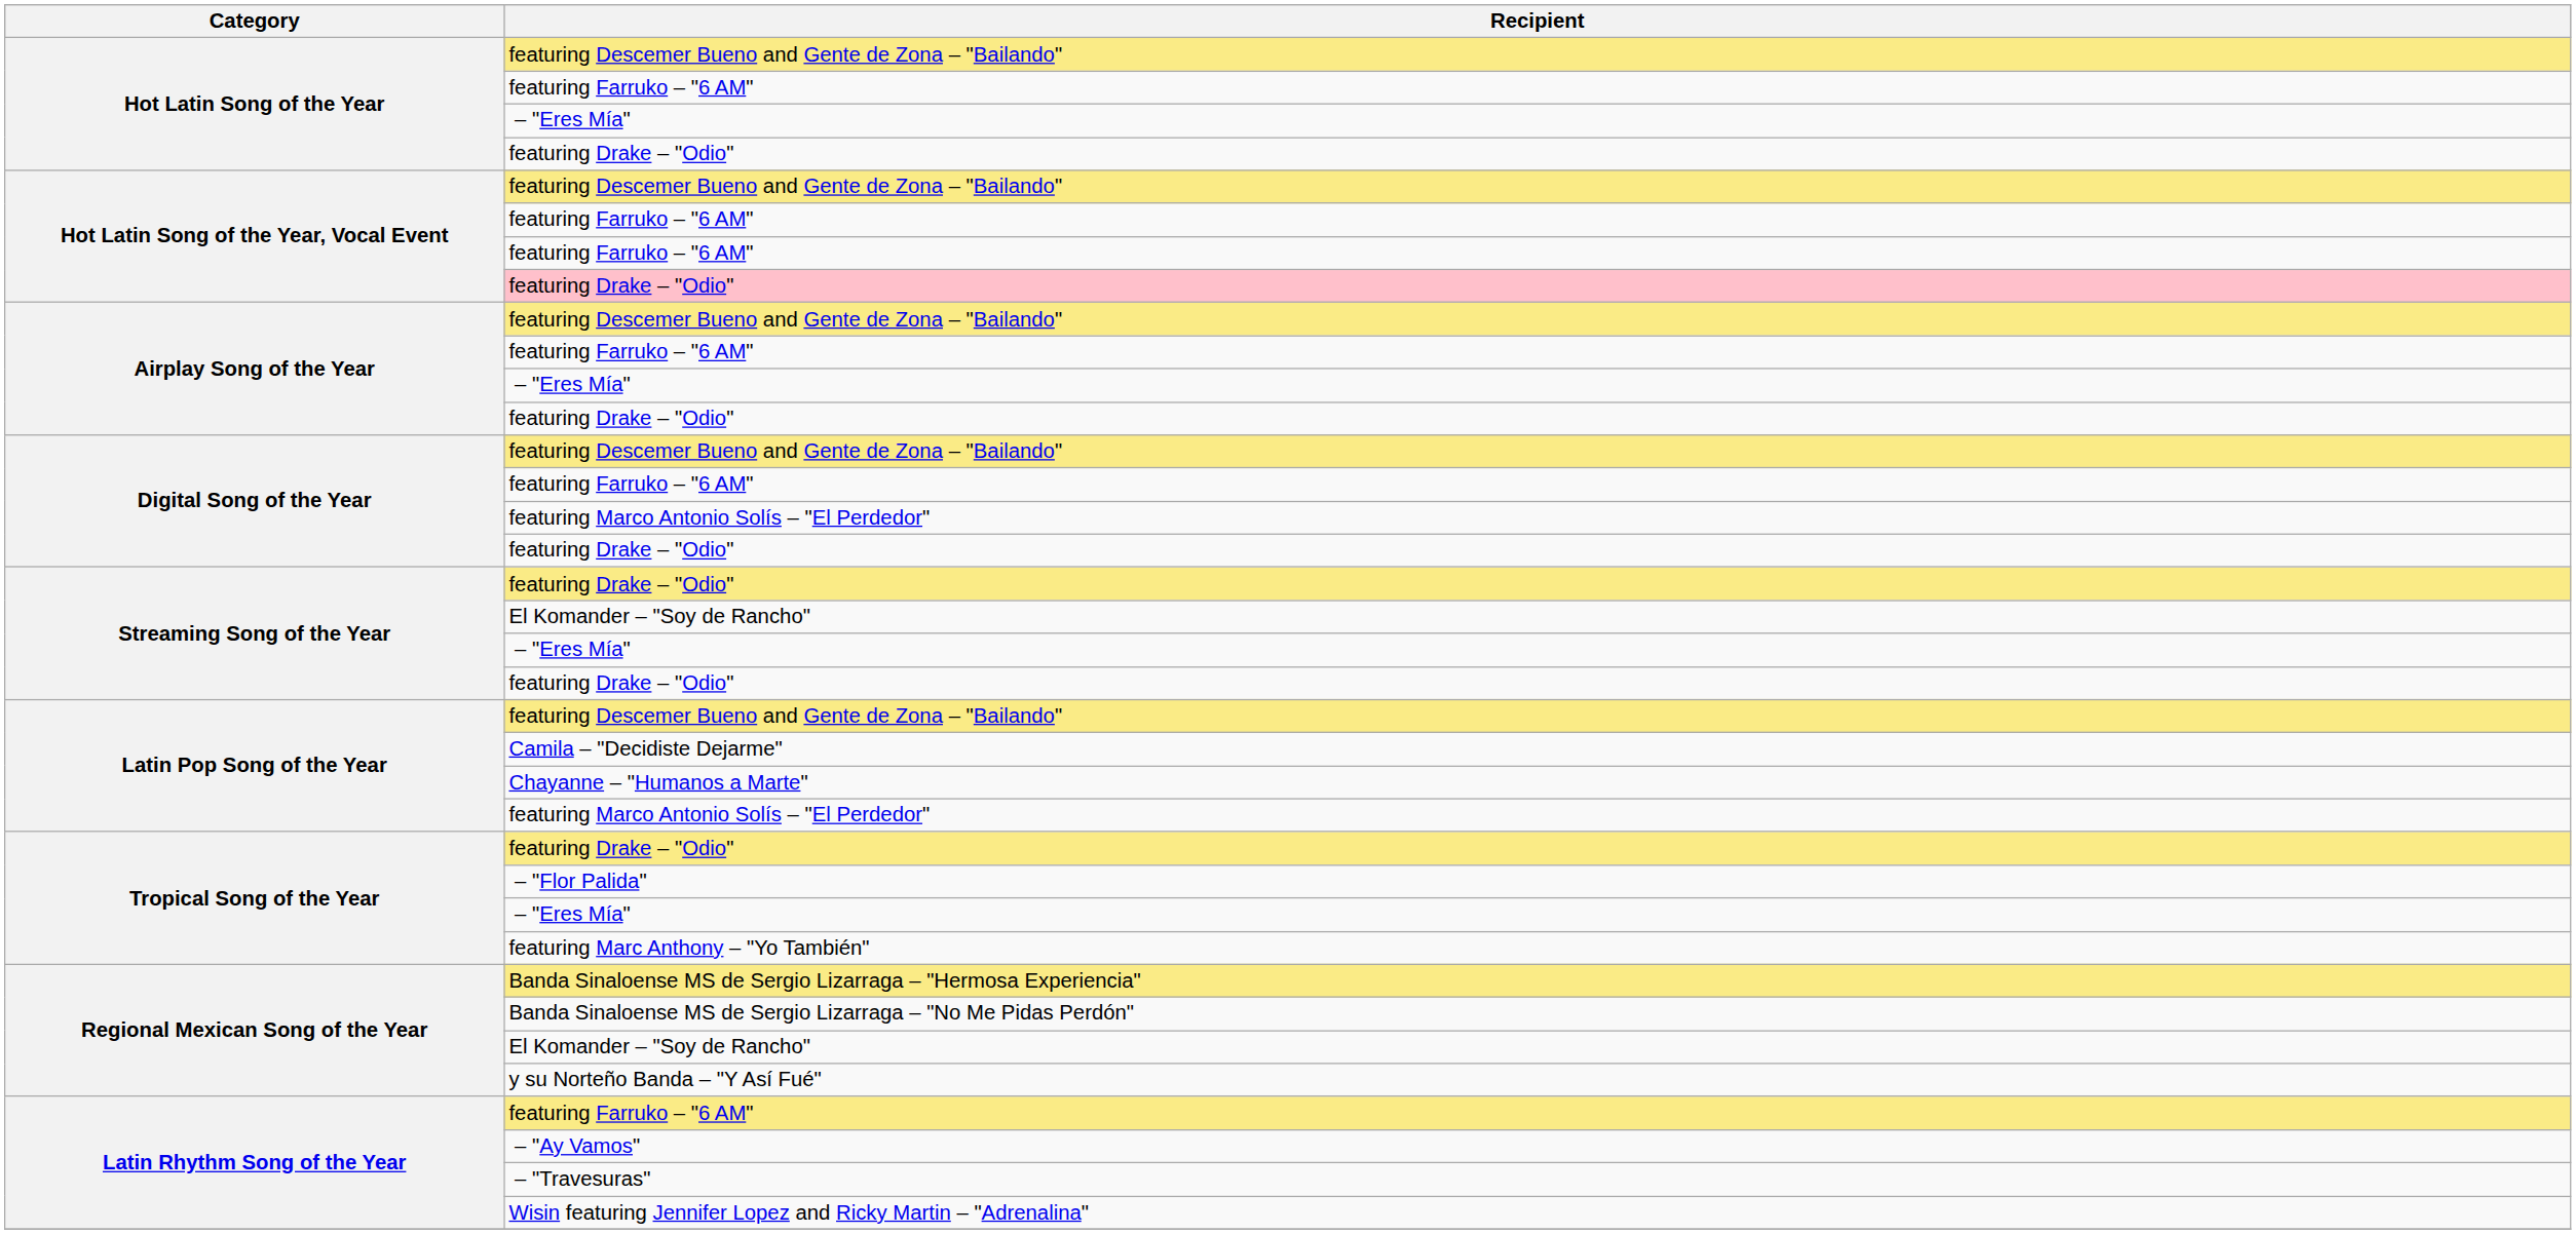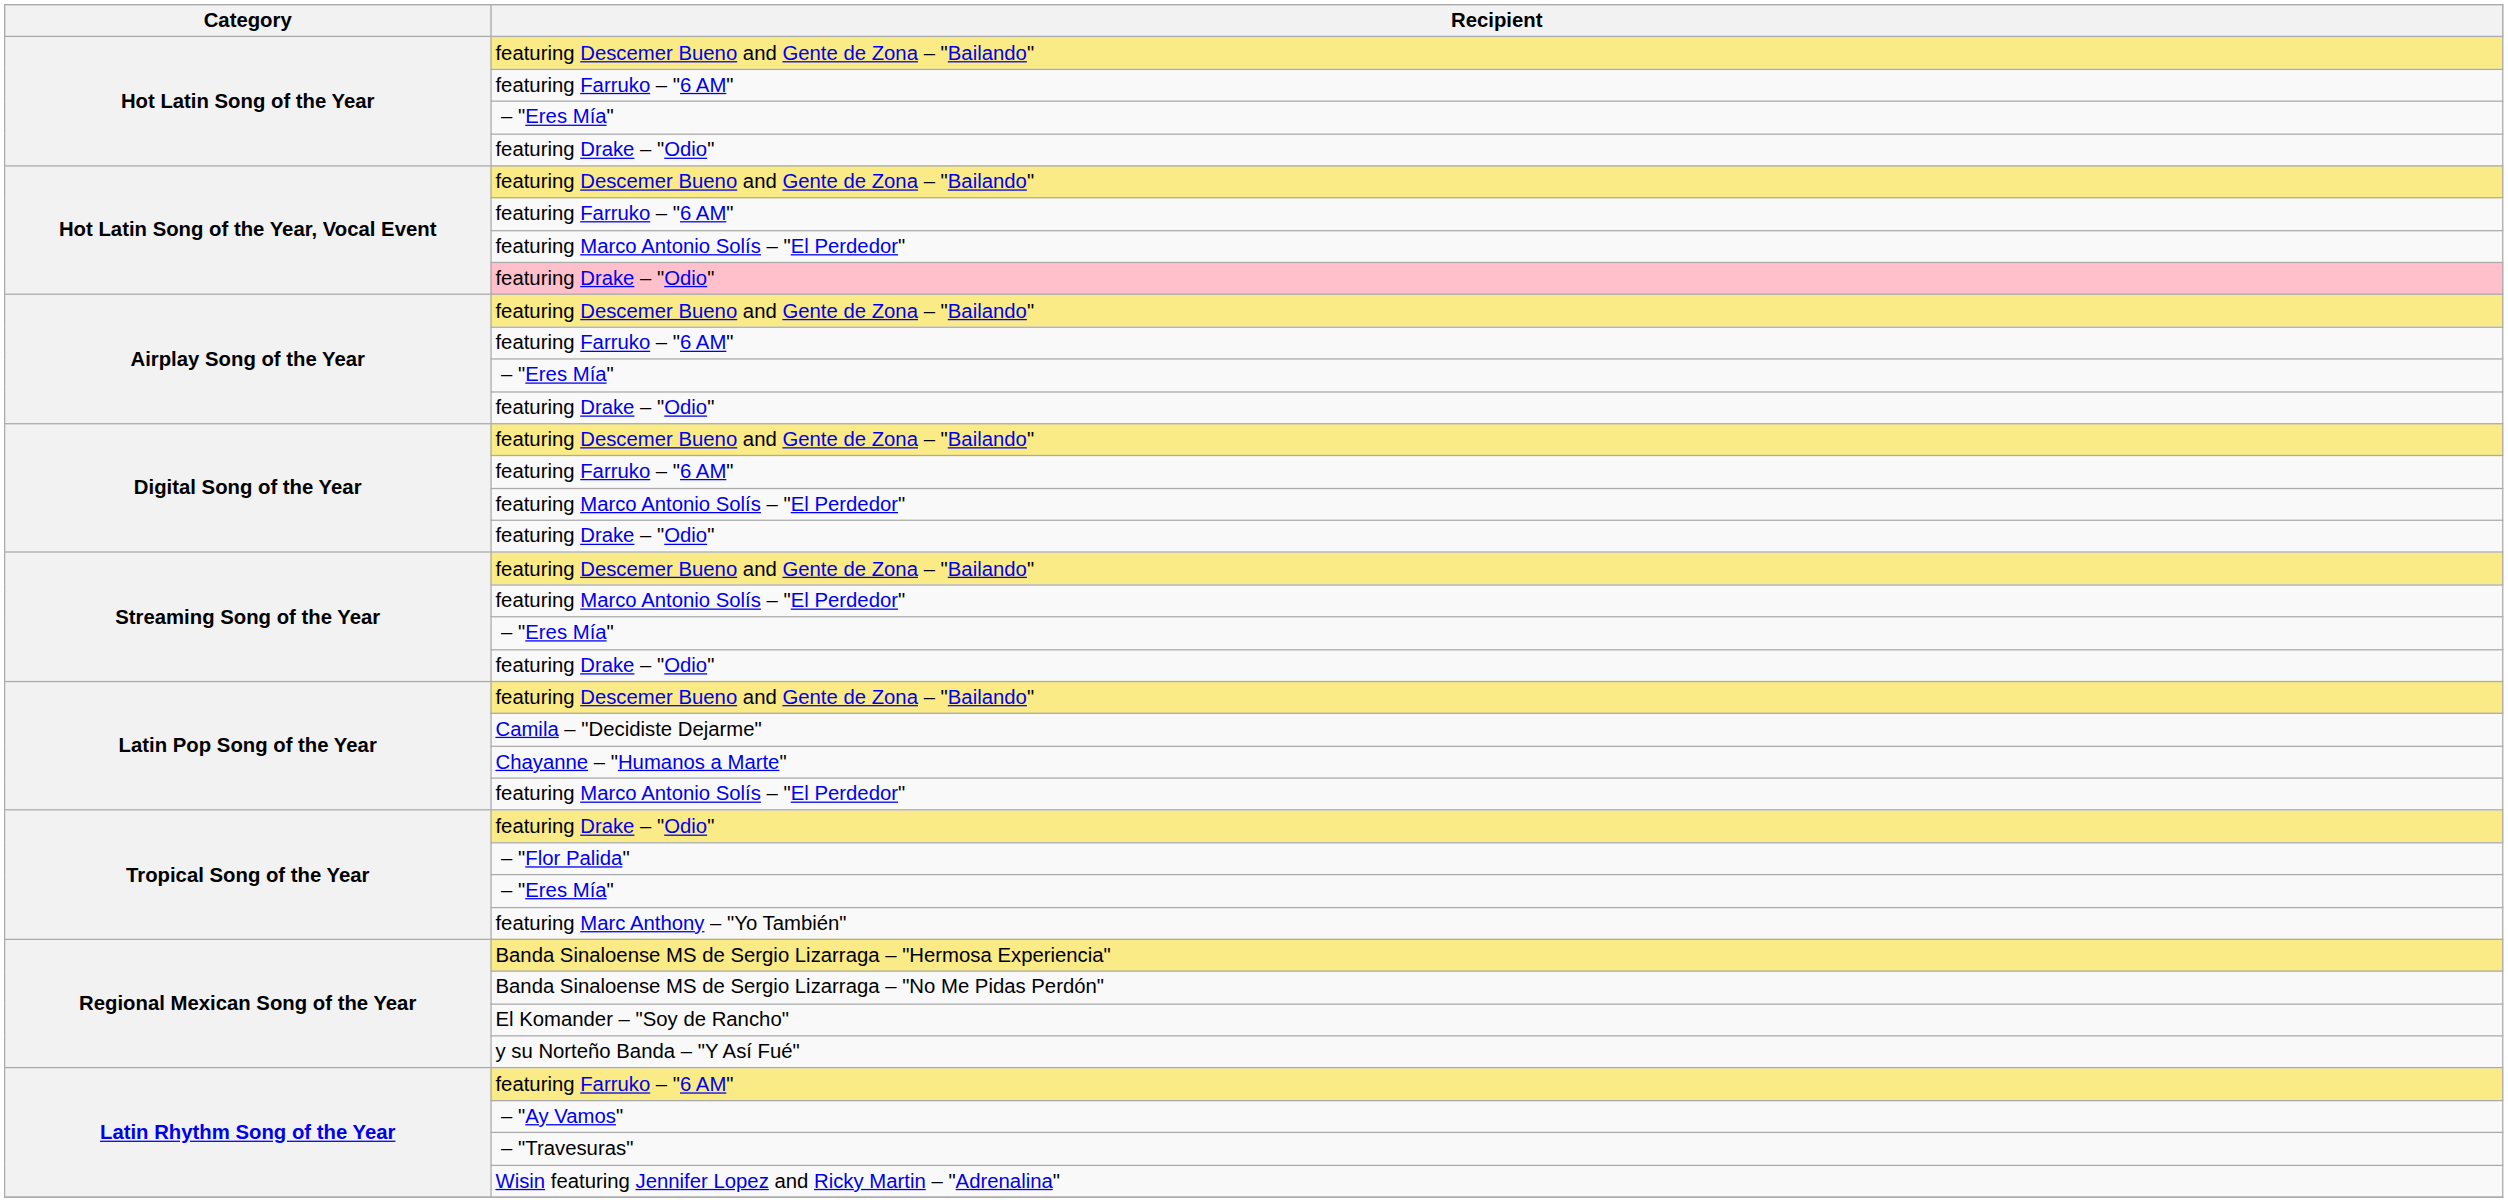 <table class="wikitable sortable">
 <tr style="background:#bebebe;">
 <th scope="col" style="width:1%;">Category</th>
 <th scope="col" style="width:5%;">Recipient</th>
 </tr>
 <tr>
 <th scope="row" rowspan=4 style="text-align:center">Hot Latin Song of the Year</th>
 <td style="background:#FAEB86"> featuring <a href='#'>Descemer Bueno</a> and <a href='#'>Gente de Zona</a> – "<a href='#'>Bailando</a>"</td>
 </tr>
 <tr>
 <td> featuring <a href='#'>Farruko</a> – "<a href='#'>6 AM</a>"</td>
 </tr>
 <tr>
 <td> – "<a href='#'>Eres Mía</a>"</td>
 </tr>
 <tr>
 <td> featuring <a href='#'>Drake</a> – "<a href='#'>Odio</a>"</td>
 </tr>
 <tr>
 <th scope="row" rowspan=4 style="text-align:center">Hot Latin Song of the Year, Vocal Event</th>
 <td style="background:#FAEB86"> featuring <a href='#'>Descemer Bueno</a> and <a href='#'>Gente de Zona</a> – "<a href='#'>Bailando</a>"</td>
 </tr>
 <tr>
 <td> featuring <a href='#'>Farruko</a> – "<a href='#'>6 AM</a>"</td>
 </tr>
 <tr>
-<td> featuring <a href='#'>Farruko</a> – "<a href='#'>6 AM</a>"</td>
+<td> featuring <a href='#'>Marco Antonio Solís</a> – "<a href='#'>El Perdedor</a>"</td>
 </tr>
 <tr>
 <td style="background: pink;"> featuring <a href='#'>Drake</a> – "<a href='#'>Odio</a>"</td>
 </tr>
 <tr>
 <th scope="row" rowspan=4 style="text-align:center">Airplay Song of the Year</th>
 <td style="background:#FAEB86"> featuring <a href='#'>Descemer Bueno</a> and <a href='#'>Gente de Zona</a> – "<a href='#'>Bailando</a>"</td>
 </tr>
 <tr>
 <td> featuring <a href='#'>Farruko</a> – "<a href='#'>6 AM</a>"</td>
 </tr>
 <tr>
 <td> – "<a href='#'>Eres Mía</a>"</td>
 </tr>
 <tr>
 <td> featuring <a href='#'>Drake</a> – "<a href='#'>Odio</a>"</td>
 </tr>
 <tr>
 <th scope="row" rowspan=4 style="text-align:center">Digital Song of the Year</th>
 <td style="background:#FAEB86"> featuring <a href='#'>Descemer Bueno</a> and <a href='#'>Gente de Zona</a> – "<a href='#'>Bailando</a>"</td>
 </tr>
 <tr>
 <td> featuring <a href='#'>Farruko</a> – "<a href='#'>6 AM</a>"</td>
 </tr>
 <tr>
 <td> featuring <a href='#'>Marco Antonio Solís</a> – "<a href='#'>El Perdedor</a>"</td>
 </tr>
 <tr>
 <td> featuring <a href='#'>Drake</a> – "<a href='#'>Odio</a>"</td>
 </tr>
 <tr>
 <th scope="row" rowspan=4 style="text-align:center">Streaming Song of the Year</th>
-<td style="background:#FAEB86"> featuring <a href='#'>Drake</a> – "<a href='#'>Odio</a>"</td>
+<td style="background:#FAEB86"> featuring <a href='#'>Descemer Bueno</a> and <a href='#'>Gente de Zona</a> – "<a href='#'>Bailando</a>"</td>
 </tr>
 <tr>
-<td>El Komander – "Soy de Rancho"</td>
+<td> featuring <a href='#'>Marco Antonio Solís</a> – "<a href='#'>El Perdedor</a>"</td>
 </tr>
 <tr>
 <td> – "<a href='#'>Eres Mía</a>"</td>
 </tr>
 <tr>
 <td> featuring <a href='#'>Drake</a> – "<a href='#'>Odio</a>"</td>
 </tr>
 <tr>
 <th scope="row" rowspan=4 style="text-align:center">Latin Pop Song of the Year</th>
 <td style="background:#FAEB86"> featuring <a href='#'>Descemer Bueno</a> and <a href='#'>Gente de Zona</a> – "<a href='#'>Bailando</a>"</td>
 </tr>
 <tr>
 <td><a href='#'>Camila</a> – "Decidiste Dejarme"</td>
 </tr>
 <tr>
 <td><a href='#'>Chayanne</a> – "<a href='#'>Humanos a Marte</a>"</td>
 </tr>
 <tr>
 <td> featuring <a href='#'>Marco Antonio Solís</a> – "<a href='#'>El Perdedor</a>"</td>
 </tr>
 <tr>
 <th scope="row" rowspan=4 style="text-align:center">Tropical Song of the Year</th>
 <td style="background:#FAEB86"> featuring <a href='#'>Drake</a> – "<a href='#'>Odio</a>"</td>
 </tr>
 <tr>
 <td> – "<a href='#'>Flor Palida</a>"</td>
 </tr>
 <tr>
 <td> – "<a href='#'>Eres Mía</a>"</td>
 </tr>
 <tr>
 <td> featuring <a href='#'>Marc Anthony</a> – "Yo También"</td>
 </tr>
 <tr>
 <th scope="row" rowspan=4 style="text-align:center">Regional Mexican Song of the Year</th>
 <td style="background:#FAEB86">Banda Sinaloense MS de Sergio Lizarraga – "Hermosa Experiencia"</td>
 </tr>
 <tr>
 <td>Banda Sinaloense MS de Sergio Lizarraga – "No Me Pidas Perdón"</td>
 </tr>
 <tr>
 <td>El Komander – "Soy de Rancho"</td>
 </tr>
 <tr>
 <td> y su Norteño Banda – "Y Así Fué"</td>
 </tr>
 <tr>
 <th scope="row" rowspan=4 style="text-align:center"><a href='#'>Latin Rhythm Song of the Year</a></th>
 <td style="background:#FAEB86"> featuring <a href='#'>Farruko</a> – "<a href='#'>6 AM</a>"</td>
 </tr>
 <tr>
 <td> – "<a href='#'>Ay Vamos</a>"</td>
 </tr>
 <tr>
 <td> – "Travesuras"</td>
 </tr>
 <tr>
 <td><a href='#'>Wisin</a> featuring <a href='#'>Jennifer Lopez</a> and <a href='#'>Ricky Martin</a> – "<a href='#'>Adrenalina</a>"</td>
 </tr>
 <tr>
 </tr>
 </table>
